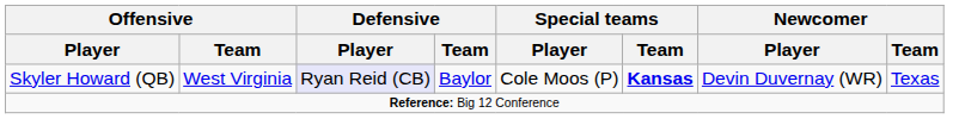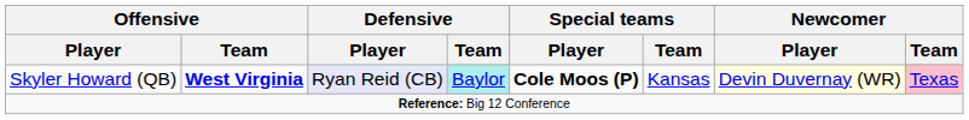 <table class="wikitable">
 <tr>
 <th colspan="2">Offensive</th>
 <th colspan="2">Defensive</th>
 <th colspan="2">Special teams</th>
 <th colspan="2">Newcomer</th>
 </tr>
 <tr>
 <th>Player</th>
 <th>Team</th>
 <th>Player</th>
 <th>Team</th>
 <th>Player</th>
 <th>Team</th>
 <th>Player</th>
 <th>Team</th>
 </tr>
 <tr>
 <td><a href='#'>Skyler Howard</a> (QB)</td>
-<td><a href='#'>West Virginia</a></td>
+<td><strong><a href='#'>West Virginia</a></strong></td>
 <td style="background: lavender;">Ryan Reid (CB)</td>
-<td><a href='#'>Baylor</a></td>
-<td>Cole Moos (P)</td>
-<td><strong><a href='#'>Kansas</a></strong></td>
-<td><a href='#'>Devin Duvernay</a> (WR)</td>
-<td><a href='#'>Texas</a></td>
+<td style="background: paleturquoise;"><a href='#'>Baylor</a></td>
+<td><strong>Cole Moos (P)</strong></td>
+<td><a href='#'>Kansas</a></td>
+<td style="background: lightyellow;"><a href='#'>Devin Duvernay</a> (WR)</td>
+<td style="background: pink;"><a href='#'>Texas</a></td>
 </tr>
 <tr>
 <td colspan="12"  style="font-size:8pt; text-align:center;"><strong>Reference:</strong> Big 12 Conference</td>
 </tr>
 </table>
